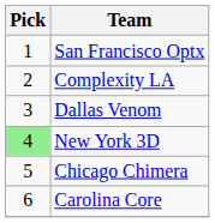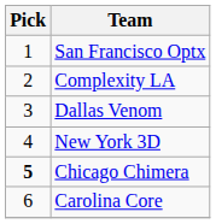 <table class="wikitable">
 <tr>
 <th>Pick</th>
 <th>Team</th>
 </tr>
 <tr>
 <td align=center>1</td>
 <td><a href='#'>San Francisco Optx</a></td>
 </tr>
 <tr>
 <td align=center>2</td>
 <td><a href='#'>Complexity LA</a></td>
 </tr>
 <tr>
 <td align=center>3</td>
 <td><a href='#'>Dallas Venom</a></td>
 </tr>
 <tr>
-<td align=center style="background: lightgreen;">4</td>
+<td align=center>4</td>
 <td><a href='#'>New York 3D</a></td>
 </tr>
 <tr>
-<td align=center>5</td>
+<td align=center><strong>5</strong></td>
 <td><a href='#'>Chicago Chimera</a></td>
 </tr>
 <tr>
 <td align=center>6</td>
 <td><a href='#'>Carolina Core</a></td>
 </tr>
 <tr>
 </tr>
 </table>
